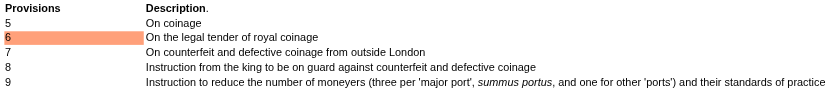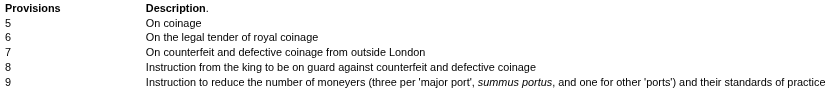 <table class="table">
 <tr>
 <td width="17%"><strong>Provisions</strong></td>
 <td width="83%"><strong>Description</strong>.</td>
 </tr>
 <tr>
 <td>5</td>
 <td>On coinage</td>
 </tr>
 <tr>
-<td style="background: lightsalmon;">6</td>
+<td>6</td>
 <td>On the legal tender of royal coinage</td>
 </tr>
 <tr>
 <td>7</td>
 <td>On counterfeit and defective coinage from outside London</td>
 </tr>
 <tr>
 <td>8</td>
 <td>Instruction from the king to be on guard against counterfeit and defective coinage</td>
 </tr>
 <tr>
 <td>9</td>
 <td>Instruction to reduce the number of moneyers (three per 'major port', <em>summus portus</em>, and one for other 'ports') and their standards of practice</td>
 </tr>
 </table>
